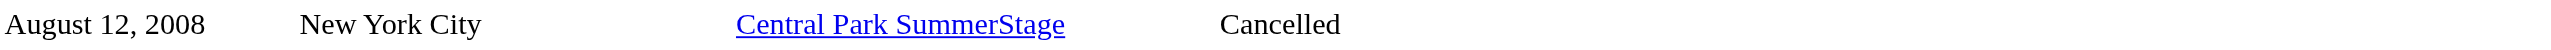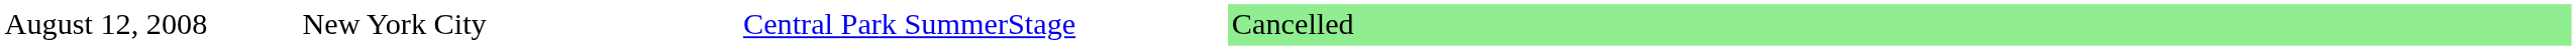 <table cellpadding="2" style="border:0 solid darkgrey;">
 <tr>
 <th style="width:150px;"></th>
 <th style="width:225px;"></th>
 <th style="width:250px;"></th>
 <th style="width:700px;"></th>
 </tr>
 <tr border="0">
 <td>August 12, 2008</td>
 <td>New York City</td>
 <td><a href='#'>Central Park SummerStage</a></td>
-<td>Cancelled</td>
+<td style="background: lightgreen;">Cancelled</td>
 </tr>
 <tr>
 </tr>
 </table>
